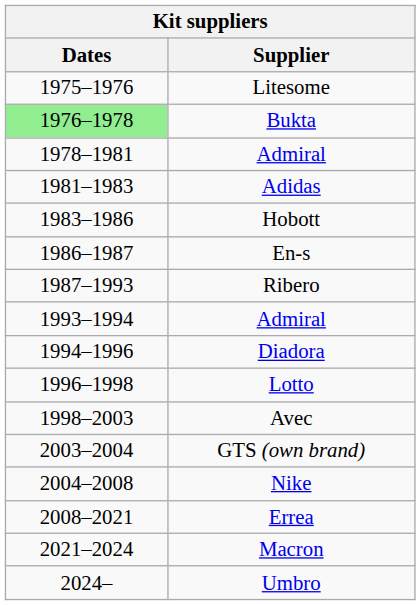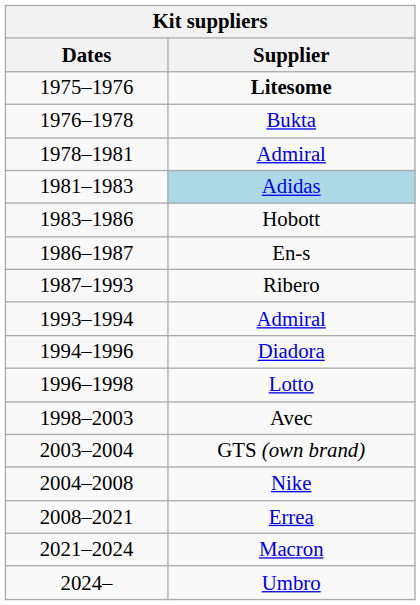 <table class="wikitable collapsible collapsed plainrowheaders" style="width: 25%; text-align: center; margin-left:1em; float: left">
 <tr>
 <th colspan=3>Kit suppliers</th>
 </tr>
 <tr>
 <th scope=col>Dates</th>
 <th scope=col>Supplier</th>
 </tr>
 <tr>
 <td scope=row>1975–1976</td>
-<td> Litesome</td>
+<td><strong> Litesome</strong></td>
 </tr>
 <tr>
-<td scope=row style="background: lightgreen;">1976–1978</td>
+<td scope=row>1976–1978</td>
 <td> <a href='#'>Bukta</a></td>
 </tr>
 <tr>
 <td scope=row>1978–1981</td>
 <td> <a href='#'>Admiral</a></td>
 </tr>
 <tr>
 <td scope=row>1981–1983</td>
-<td> <a href='#'>Adidas</a></td>
+<td style="background: lightblue;"> <a href='#'>Adidas</a></td>
 </tr>
 <tr>
 <td scope=row>1983–1986</td>
 <td> Hobott</td>
 </tr>
 <tr>
 <td scope=row>1986–1987</td>
 <td> En-s</td>
 </tr>
 <tr>
 <td scope=row>1987–1993</td>
 <td> Ribero</td>
 </tr>
 <tr>
 <td scope=row>1993–1994</td>
 <td> <a href='#'>Admiral</a></td>
 </tr>
 <tr>
 <td scope=row>1994–1996</td>
 <td> <a href='#'>Diadora</a></td>
 </tr>
 <tr>
 <td scope=row>1996–1998</td>
 <td> <a href='#'>Lotto</a></td>
 </tr>
 <tr>
 <td scope=row>1998–2003</td>
 <td> Avec</td>
 </tr>
 <tr>
 <td scope=row>2003–2004</td>
 <td> GTS <em>(own brand)</em></td>
 </tr>
 <tr>
 <td scope=row>2004–2008</td>
 <td> <a href='#'>Nike</a></td>
 </tr>
 <tr>
 <td scope=row>2008–2021</td>
 <td> <a href='#'>Errea</a></td>
 </tr>
 <tr>
 <td scope=row>2021–2024</td>
 <td> <a href='#'>Macron</a></td>
 </tr>
 <tr>
 <td scope=row>2024–</td>
 <td> <a href='#'>Umbro</a></td>
 </tr>
 </table>
